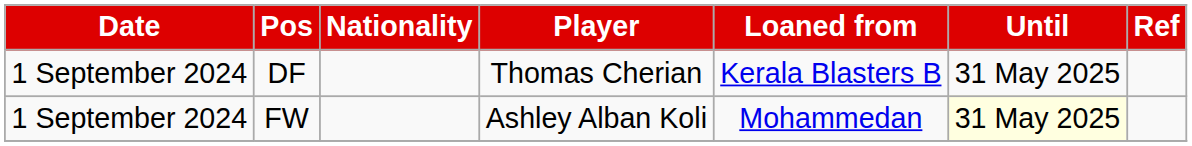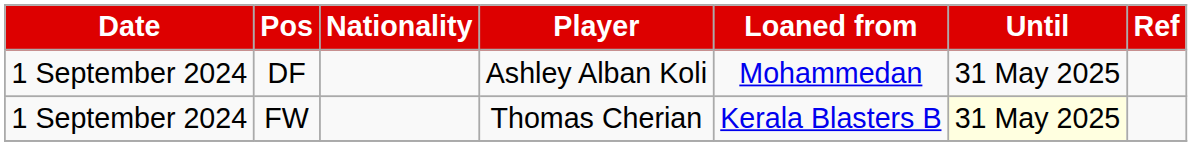 <table class="wikitable" style="text-align:center;">
 <tr>
 <th style="background:#DD0000; color:#FFFFFF; ">Date</th>
 <th style="background:#DD0000; color:#FFFFFF; ">Pos</th>
 <th style="background:#DD0000; color:#FFFFFF; ">Nationality</th>
 <th style="background:#DD0000; color:#FFFFFF; ">Player</th>
 <th style="background:#DD0000; color:#FFFFFF; ">Loaned from</th>
 <th style="background:#DD0000; color:#FFFFFF; ">Until</th>
 <th style="background:#DD0000; color:#FFFFFF; ">Ref</th>
 </tr>
 <tr>
 <td>1 September 2024</td>
 <td>DF</td>
 <td></td>
-<td>Thomas Cherian</td>
-<td><a href='#'>Kerala Blasters B</a></td>
+<td>Ashley Alban Koli</td>
+<td><a href='#'>Mohammedan</a></td>
 <td>31 May 2025</td>
 <td></td>
 </tr>
 <tr>
 <td>1 September 2024</td>
 <td>FW</td>
 <td></td>
-<td>Ashley Alban Koli</td>
-<td><a href='#'>Mohammedan</a></td>
+<td>Thomas Cherian</td>
+<td><a href='#'>Kerala Blasters B</a></td>
 <td style="background: lightyellow;">31 May 2025</td>
 <td></td>
 </tr>
 <tr>
 </tr>
 </table>
